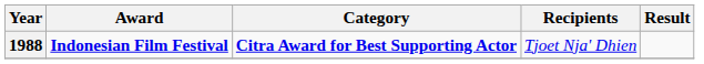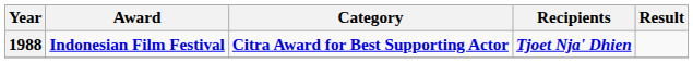 <table class="wikitable sortable">
 <tr>
 <th>Year</th>
 <th>Award</th>
 <th>Category</th>
 <th>Recipients</th>
 <th>Result</th>
 </tr>
 <tr>
 <th>1988</th>
 <td><strong><a href='#'>Indonesian Film Festival</a></strong></td>
 <td><strong><a href='#'>Citra Award for Best Supporting Actor</a></strong></td>
-<td><em><a href='#'>Tjoet Nja' Dhien</a></em></td>
+<td><strong><em><a href='#'>Tjoet Nja' Dhien</a></em></strong></td>
 <td></td>
 </tr>
 <tr>
 </tr>
 </table>
